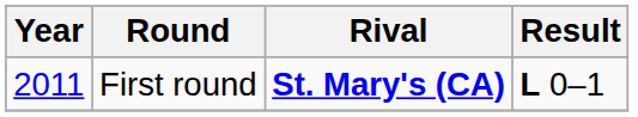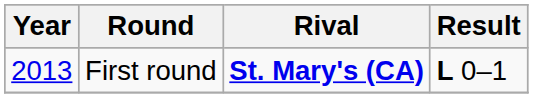 <table class="wikitable" style="font-size: %;">
 <tr>
 <th>Year</th>
 <th>Round</th>
 <th>Rival</th>
 <th>Result</th>
 </tr>
 <tr>
-<td><a href='#'>2011</a></td>
+<td><a href='#'>2013</a></td>
 <td>First round</td>
 <td><strong><a href='#'>St. Mary's (CA)</a></strong></td>
 <td><strong>L</strong> 0–1</td>
 </tr>
 <tr>
 </tr>
 </table>
